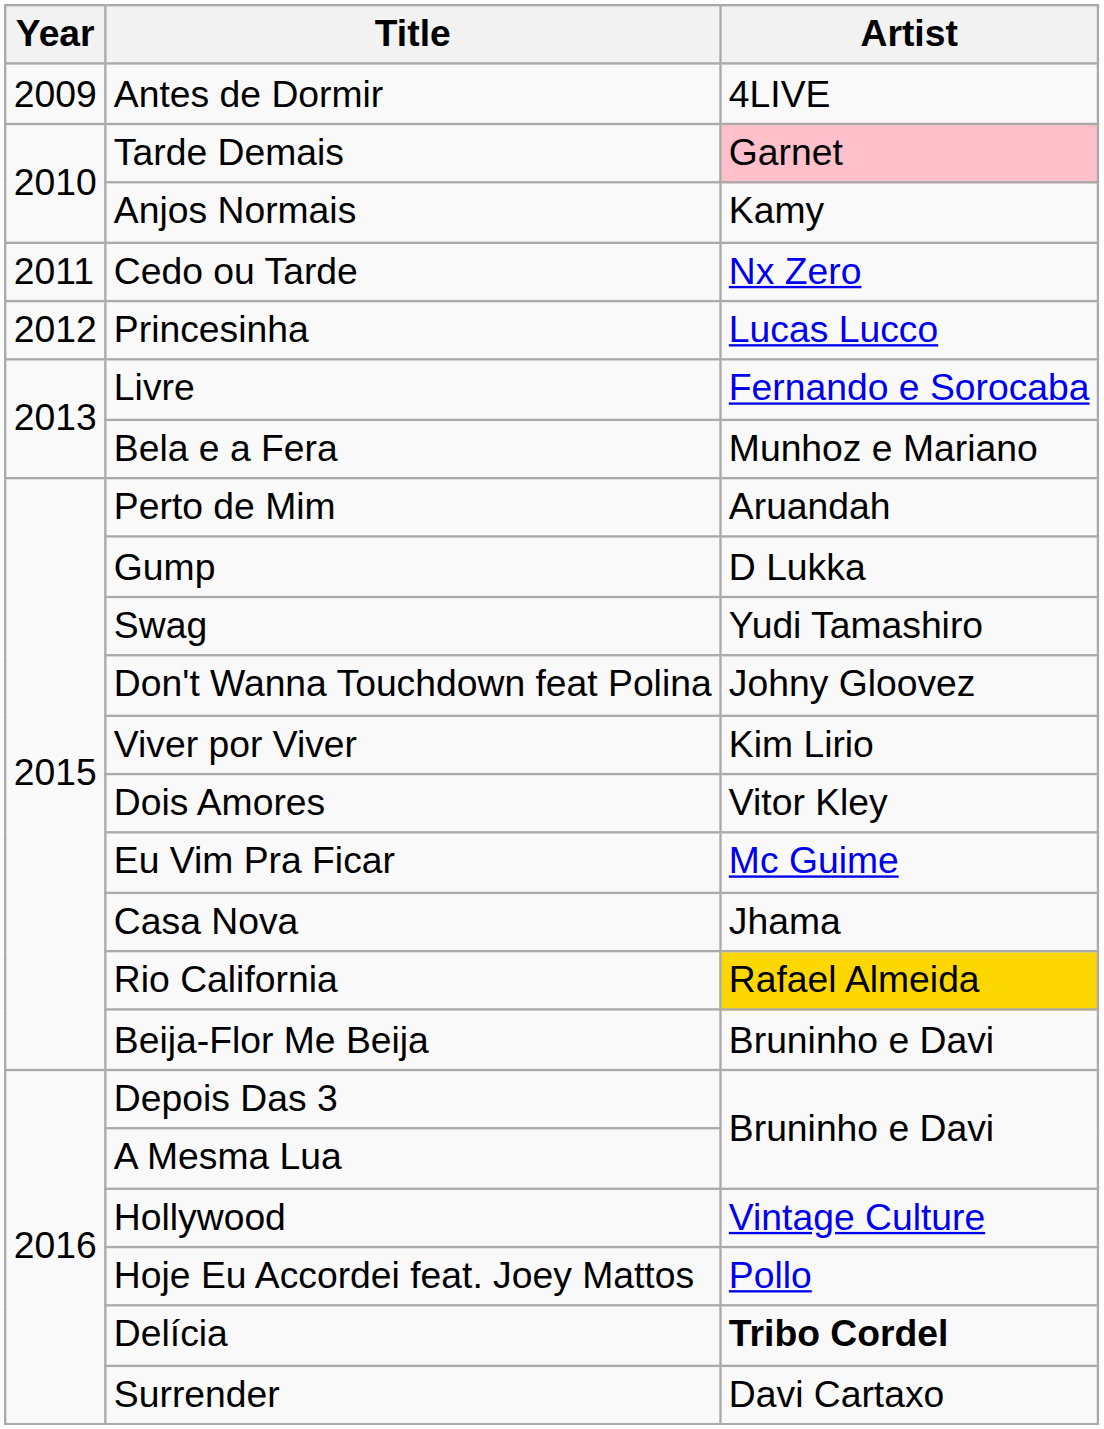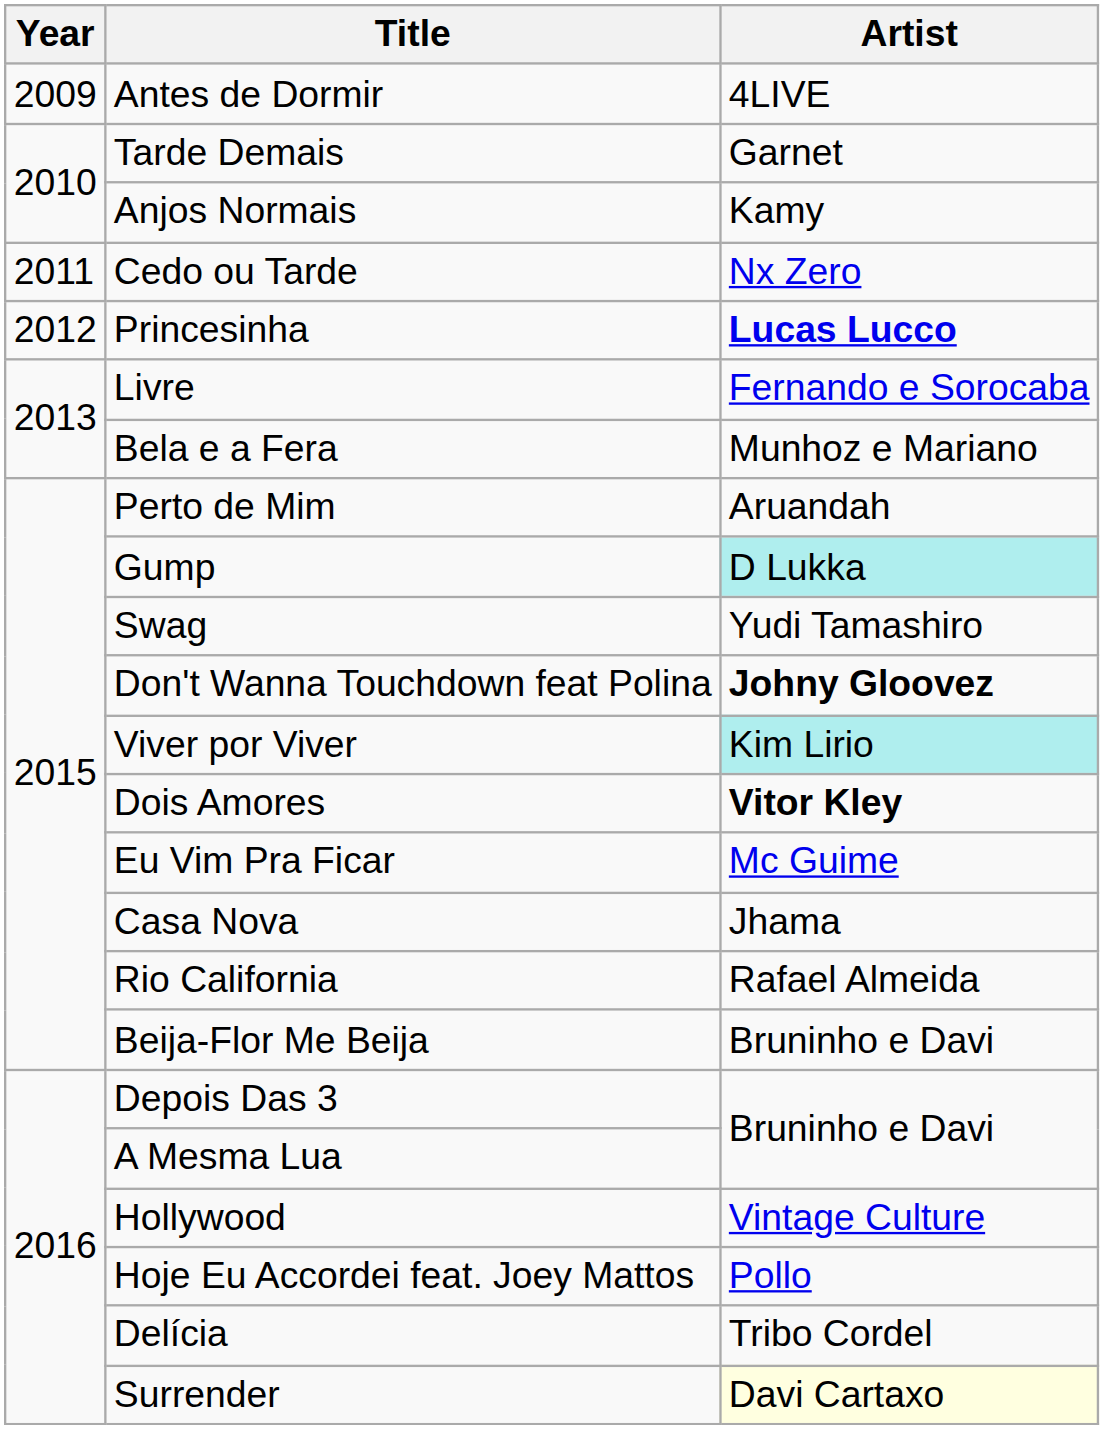 <table class="wikitable">
 <tr>
 <th>Year</th>
 <th>Title</th>
 <th>Artist</th>
 </tr>
 <tr>
 <td>2009</td>
 <td>Antes de Dormir</td>
 <td>4LIVE</td>
 </tr>
 <tr>
 <td rowspan="2">2010</td>
 <td>Tarde Demais</td>
-<td style="background: pink;">Garnet</td>
+<td>Garnet</td>
 </tr>
 <tr>
 <td>Anjos Normais</td>
 <td>Kamy</td>
 </tr>
 <tr>
 <td>2011</td>
 <td>Cedo ou Tarde</td>
 <td><a href='#'>Nx Zero</a></td>
 </tr>
 <tr>
 <td>2012</td>
 <td>Princesinha</td>
-<td><a href='#'>Lucas Lucco</a></td>
+<td><strong><a href='#'>Lucas Lucco</a></strong></td>
 </tr>
 <tr>
 <td rowspan="2">2013</td>
 <td>Livre</td>
 <td><a href='#'>Fernando e Sorocaba</a></td>
 </tr>
 <tr>
 <td>Bela e a Fera</td>
 <td>Munhoz e Mariano</td>
 </tr>
 <tr>
 <td rowspan="10">2015</td>
 <td>Perto de Mim</td>
 <td>Aruandah</td>
 </tr>
 <tr>
 <td>Gump</td>
-<td>D Lukka</td>
+<td style="background: paleturquoise;">D Lukka</td>
 </tr>
 <tr>
 <td>Swag</td>
 <td>Yudi Tamashiro</td>
 </tr>
 <tr>
 <td>Don't Wanna Touchdown feat Polina</td>
-<td>Johny Gloovez</td>
+<td><strong>Johny Gloovez</strong></td>
 </tr>
 <tr>
 <td>Viver por Viver</td>
-<td>Kim Lirio</td>
+<td style="background: paleturquoise;">Kim Lirio</td>
 </tr>
 <tr>
 <td>Dois Amores</td>
-<td>Vitor Kley</td>
+<td><strong>Vitor Kley</strong></td>
 </tr>
 <tr>
 <td>Eu Vim Pra Ficar</td>
 <td><a href='#'>Mc Guime</a></td>
 </tr>
 <tr>
 <td>Casa Nova</td>
 <td>Jhama</td>
 </tr>
 <tr>
 <td>Rio California</td>
-<td style="background: gold;">Rafael Almeida</td>
+<td>Rafael Almeida</td>
 </tr>
 <tr>
 <td>Beija-Flor Me Beija</td>
 <td>Bruninho e Davi</td>
 </tr>
 <tr>
 <td rowspan="6">2016</td>
 <td>Depois Das 3</td>
 <td rowspan="2">Bruninho e Davi</td>
 </tr>
 <tr>
 <td>A Mesma Lua</td>
 </tr>
 <tr>
 <td>Hollywood</td>
 <td><a href='#'>Vintage Culture</a></td>
 </tr>
 <tr>
 <td>Hoje Eu Accordei feat. Joey Mattos</td>
 <td><a href='#'>Pollo</a></td>
 </tr>
 <tr>
 <td>Delícia</td>
-<td><strong>Tribo Cordel</strong></td>
+<td>Tribo Cordel</td>
 </tr>
 <tr>
 <td>Surrender</td>
-<td>Davi Cartaxo</td>
+<td style="background: lightyellow;">Davi Cartaxo</td>
 </tr>
 </table>
